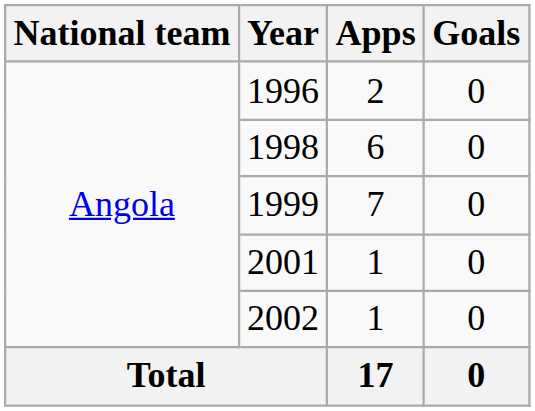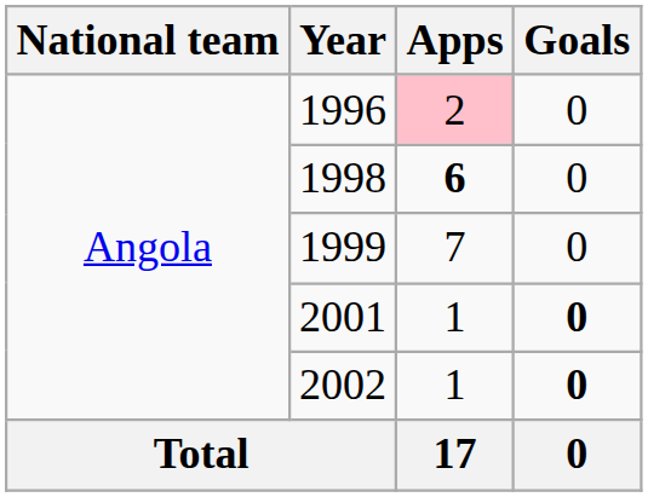 <table class="wikitable" style="text-align:center">
 <tr>
 <th>National team</th>
 <th>Year</th>
 <th>Apps</th>
 <th>Goals</th>
 </tr>
 <tr>
 <td rowspan="5"><a href='#'>Angola</a></td>
 <td>1996</td>
-<td>2</td>
+<td style="background: pink;">2</td>
 <td>0</td>
 </tr>
 <tr>
 <td>1998</td>
-<td>6</td>
+<td><strong>6</strong></td>
 <td>0</td>
 </tr>
 <tr>
 <td>1999</td>
 <td>7</td>
 <td>0</td>
 </tr>
 <tr>
 <td>2001</td>
 <td>1</td>
-<td>0</td>
+<td><strong>0</strong></td>
 </tr>
 <tr>
 <td>2002</td>
 <td>1</td>
-<td>0</td>
+<td><strong>0</strong></td>
 </tr>
 <tr>
 <th colspan="2">Total</th>
 <th>17</th>
 <th>0</th>
 </tr>
 </table>
